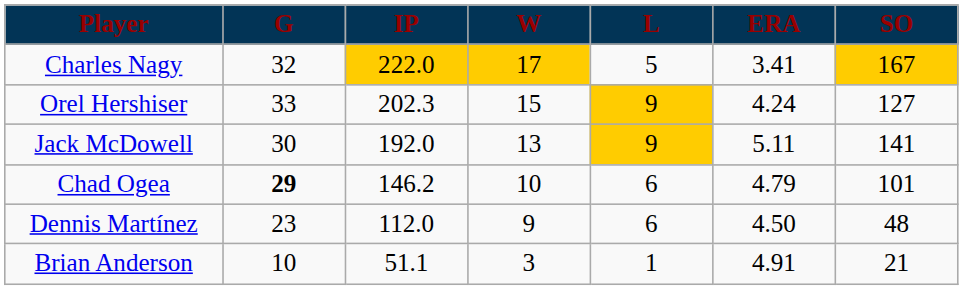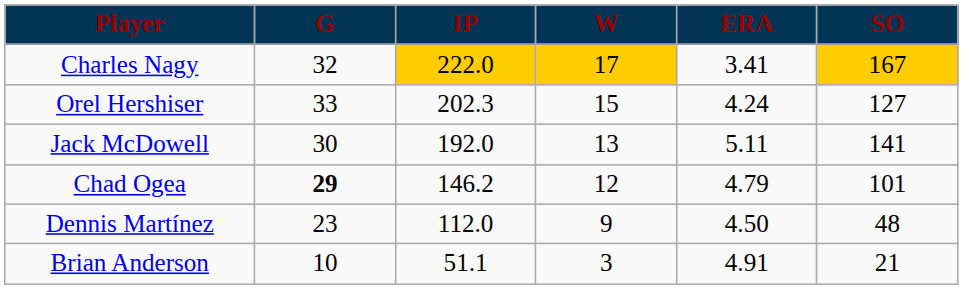 <table class="wikitable sortable">
 <tr>
 <th style="background:#023456;color:#990000;"  width="16%">Player</th>
 <th style="background:#023456;color:#990000;"  width="9%">G</th>
 <th style="background:#023456;color:#990000;"  width="9%">IP</th>
 <th style="background:#023456;color:#990000;"  width="9%">W</th>
-<th style="background:#023456;color:#990000;"  width="9%">L</th>
 <th style="background:#023456;color:#990000;"  width="9%">ERA</th>
 <th style="background:#023456;color:#990000;"  width="9%">SO</th>
 </tr>
 <tr align="center">
 <td><a href='#'>Charles Nagy</a></td>
 <td>32</td>
 <td style="background:#fc0;">222.0</td>
 <td style="background:#fc0;">17</td>
-<td>5</td>
 <td>3.41</td>
 <td style="background:#fc0;">167</td>
 </tr>
 <tr align="center">
 <td><a href='#'>Orel Hershiser</a></td>
 <td>33</td>
 <td>202.3</td>
 <td>15</td>
-<td style="background:#fc0;">9</td>
 <td>4.24</td>
 <td>127</td>
 </tr>
 <tr align="center">
 <td><a href='#'>Jack McDowell</a></td>
 <td>30</td>
 <td>192.0</td>
 <td>13</td>
-<td style="background:#fc0;">9</td>
 <td>5.11</td>
 <td>141</td>
 </tr>
 <tr align="center">
 <td><a href='#'>Chad Ogea</a></td>
 <td><strong>29</strong></td>
 <td>146.2</td>
-<td>10</td>
-<td>6</td>
+<td>12</td>
 <td>4.79</td>
 <td>101</td>
 </tr>
 <tr align="center">
 <td><a href='#'>Dennis Martínez</a></td>
 <td>23</td>
 <td>112.0</td>
 <td>9</td>
-<td>6</td>
 <td>4.50</td>
 <td>48</td>
 </tr>
 <tr align="center">
 <td><a href='#'>Brian Anderson</a></td>
 <td>10</td>
 <td>51.1</td>
 <td>3</td>
-<td>1</td>
 <td>4.91</td>
 <td>21</td>
 </tr>
 </table>
